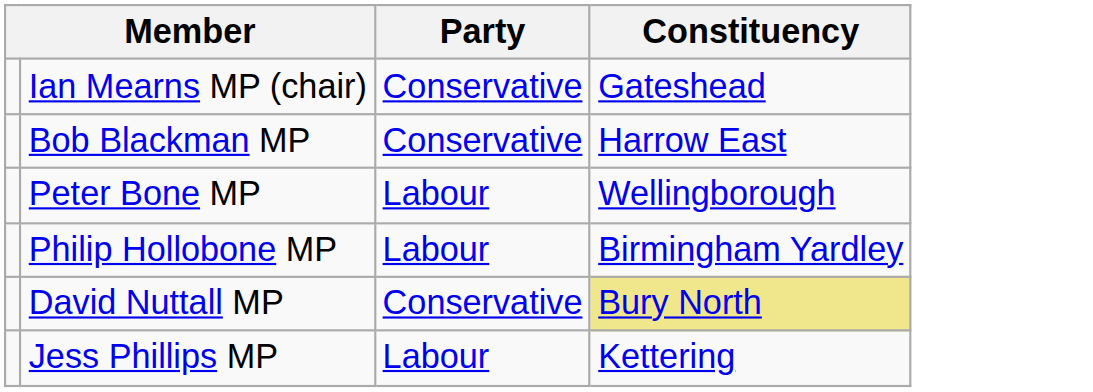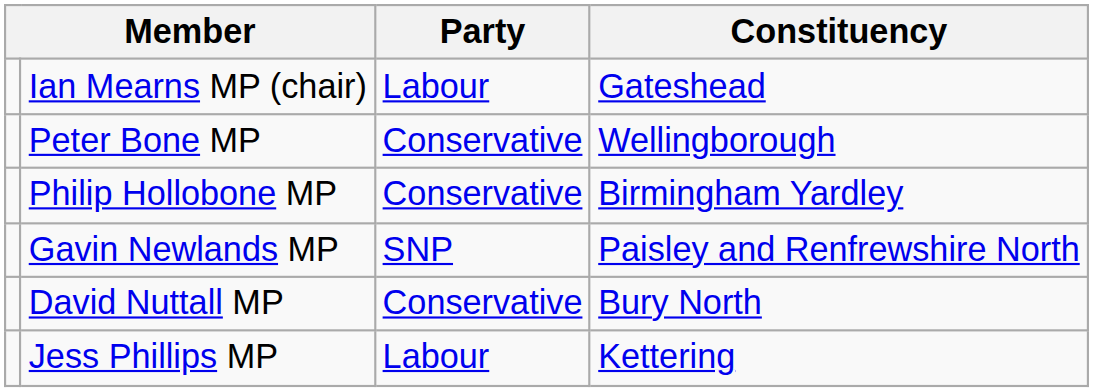 <table class="wikitable">
 <tr>
 <th colspan="2" valign="top">Member</th>
 <th valign="top">Party</th>
 <th valign="top">Constituency</th>
 </tr>
 <tr>
 <td style="color:inherit;background:"></td>
 <td><a href='#'>Ian Mearns</a> MP (chair)</td>
-<td><a href='#'>Conservative</a></td>
+<td><a href='#'>Labour</a></td>
 <td><a href='#'>Gateshead</a></td>
 </tr>
 <tr>
 <td style="color:inherit;background:"></td>
-<td><a href='#'>Bob Blackman</a> MP</td>
+<td><a href='#'>Peter Bone</a> MP</td>
 <td><a href='#'>Conservative</a></td>
-<td><a href='#'>Harrow East</a></td>
-</tr>
-<tr>
-<td style="color:inherit;background:"></td>
-<td><a href='#'>Peter Bone</a> MP</td>
-<td><a href='#'>Labour</a></td>
 <td><a href='#'>Wellingborough</a></td>
 </tr>
 <tr>
 <td style="color:inherit;background:"></td>
 <td><a href='#'>Philip Hollobone</a> MP</td>
-<td><a href='#'>Labour</a></td>
+<td><a href='#'>Conservative</a></td>
 <td><a href='#'>Birmingham Yardley</a></td>
+</tr>
+<tr>
+<td style="color:inherit;background:"></td>
+<td><a href='#'>Gavin Newlands</a> MP</td>
+<td><a href='#'>SNP</a></td>
+<td><a href='#'>Paisley and Renfrewshire North</a></td>
 </tr>
 <tr>
 <td style="color:inherit;background:"></td>
 <td><a href='#'>David Nuttall</a> MP</td>
 <td><a href='#'>Conservative</a></td>
-<td style="background: khaki;"><a href='#'>Bury North</a></td>
+<td><a href='#'>Bury North</a></td>
 </tr>
 <tr>
 <td style="color:inherit;background:"></td>
 <td><a href='#'>Jess Phillips</a> MP</td>
 <td><a href='#'>Labour</a></td>
 <td><a href='#'>Kettering</a></td>
 </tr>
 </table>
